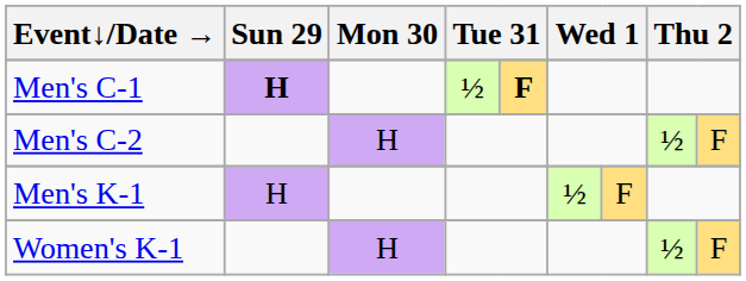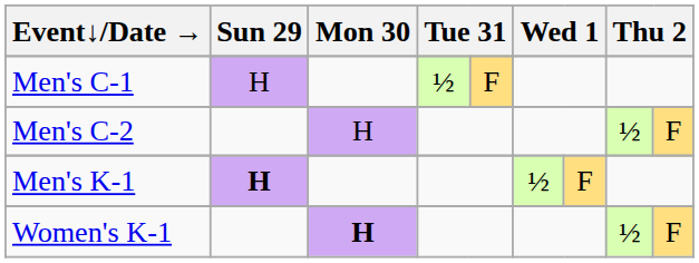 <table class="wikitable" style="margin:0.5em auto; font-size:90%; line-height:1.25em;">
 <tr style="text-align:center;">
 <th>Event↓/Date →</th>
 <th>Sun 29</th>
 <th>Mon 30</th>
 <th colspan="2">Tue 31</th>
 <th colspan="2">Wed 1</th>
 <th colspan="2">Thu 2</th>
 </tr>
 <tr>
 </tr>
 <tr style="text-align:center;">
 <td style="text-align:left;"><a href='#'>Men's C-1</a></td>
-<td style="background-color:#D0A9F5;"><strong>H</strong></td>
+<td style="background-color:#D0A9F5;">H</td>
 <td></td>
 <td style="background-color:#D9FFB2;">½</td>
-<td style="background-color:#FFDF80;"><strong>F</strong></td>
+<td style="background-color:#FFDF80;">F</td>
 <td colspan="2"></td>
 <td colspan="2"></td>
 </tr>
 <tr>
 </tr>
 <tr style="text-align:center;">
 <td style="text-align:left;"><a href='#'>Men's C-2</a></td>
 <td></td>
 <td style="background-color:#D0A9F5;">H</td>
 <td colspan="2"></td>
 <td colspan="2"></td>
 <td style="background-color:#D9FFB2;">½</td>
 <td style="background-color:#FFDF80;">F</td>
 </tr>
 <tr>
 </tr>
 <tr style="text-align:center;">
 <td style="text-align:left;"><a href='#'>Men's K-1</a></td>
-<td style="background-color:#D0A9F5;">H</td>
+<td style="background-color:#D0A9F5;"><strong>H</strong></td>
 <td></td>
 <td colspan="2"></td>
 <td style="background-color:#D9FFB2;">½</td>
 <td style="background-color:#FFDF80;">F</td>
 <td colspan="2"></td>
 </tr>
 <tr>
 </tr>
 <tr style="text-align:center;">
 <td style="text-align:left;"><a href='#'>Women's K-1</a></td>
 <td></td>
-<td style="background-color:#D0A9F5;">H</td>
+<td style="background-color:#D0A9F5;"><strong>H</strong></td>
 <td colspan="2"></td>
 <td colspan="2"></td>
 <td style="background-color:#D9FFB2;">½</td>
 <td style="background-color:#FFDF80;">F</td>
 </tr>
 </table>
